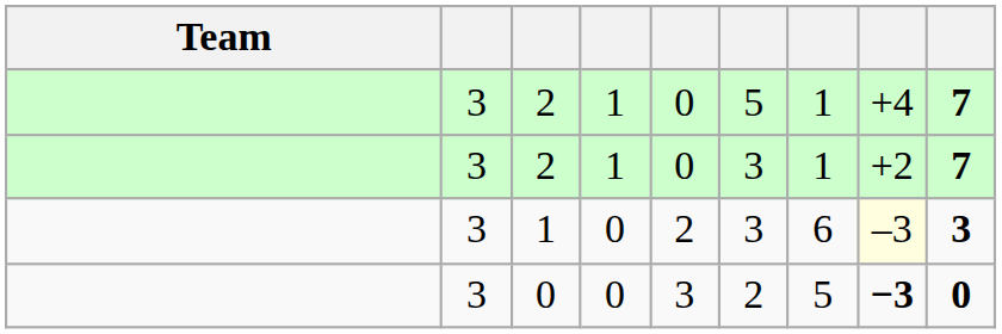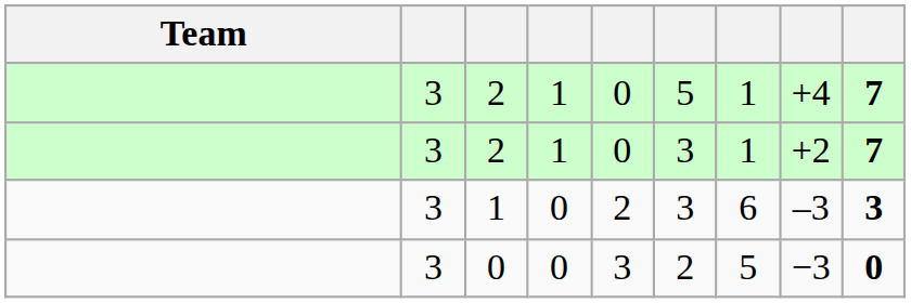 <table class="wikitable" style="text-align: center;">
 <tr>
 <th width="165">Team</th>
 <th width="20"></th>
 <th width="20"></th>
 <th width="20"></th>
 <th width="20"></th>
 <th width="20"></th>
 <th width="20"></th>
 <th width="20"></th>
 <th width="20"></th>
 </tr>
 <tr bgcolor=ccffcc>
 <td align=left></td>
 <td>3</td>
 <td>2</td>
 <td>1</td>
 <td>0</td>
 <td>5</td>
 <td>1</td>
 <td>+4</td>
 <td><strong>7</strong></td>
 </tr>
 <tr bgcolor=ccffcc>
 <td align=left></td>
 <td>3</td>
 <td>2</td>
 <td>1</td>
 <td>0</td>
 <td>3</td>
 <td>1</td>
 <td>+2</td>
 <td><strong>7</strong></td>
 </tr>
 <tr>
 <td align=left></td>
 <td>3</td>
 <td>1</td>
 <td>0</td>
 <td>2</td>
 <td>3</td>
 <td>6</td>
-<td style="background: lightyellow;">–3</td>
+<td>–3</td>
 <td><strong>3</strong></td>
 </tr>
 <tr>
 <td align=left></td>
 <td>3</td>
 <td>0</td>
 <td>0</td>
 <td>3</td>
 <td>2</td>
 <td>5</td>
-<td><strong>−3</strong></td>
+<td>−3</td>
 <td><strong>0</strong></td>
 </tr>
 </table>
